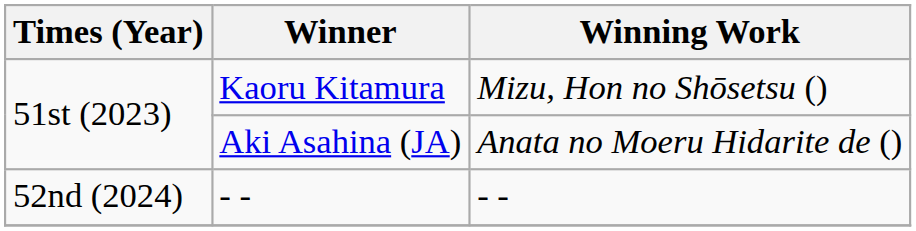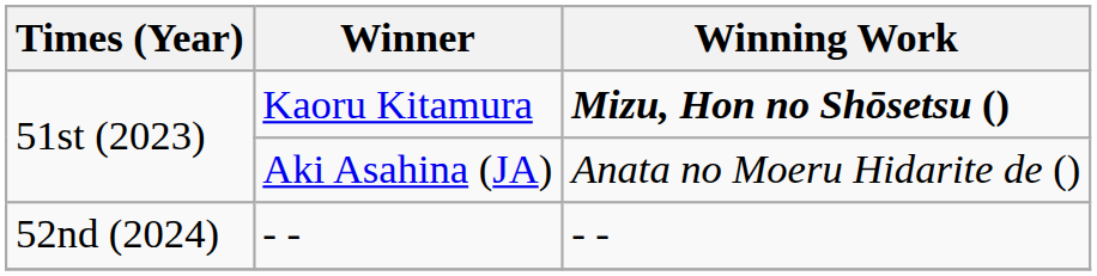 <table class="wikitable" style="text-align:left;">
 <tr>
 <th>Times (Year)</th>
 <th>Winner</th>
 <th>Winning Work</th>
 </tr>
 <tr>
 <td rowspan="2">51st (2023)</td>
 <td><a href='#'>Kaoru Kitamura</a> </td>
-<td><em>Mizu, Hon no Shōsetsu</em> ()</td>
+<td><strong><em>Mizu, Hon no Shōsetsu</em> ()</strong></td>
 </tr>
 <tr>
 <td><a href='#'>Aki Asahina</a> (<a href='#'>JA</a>)</td>
 <td><em>Anata no Moeru Hidarite de</em> ()</td>
 </tr>
 <tr>
 <td>52nd (2024)</td>
 <td>- -</td>
 <td>- -</td>
 </tr>
 <tr>
 </tr>
 </table>
